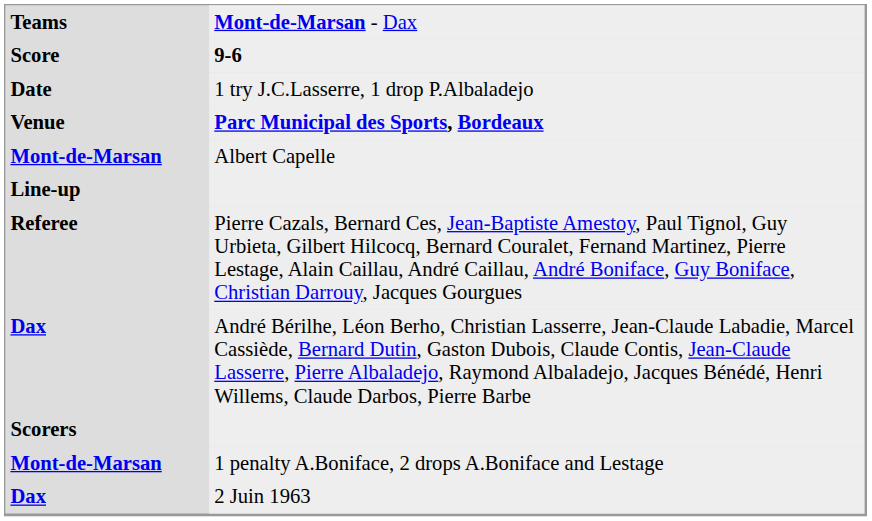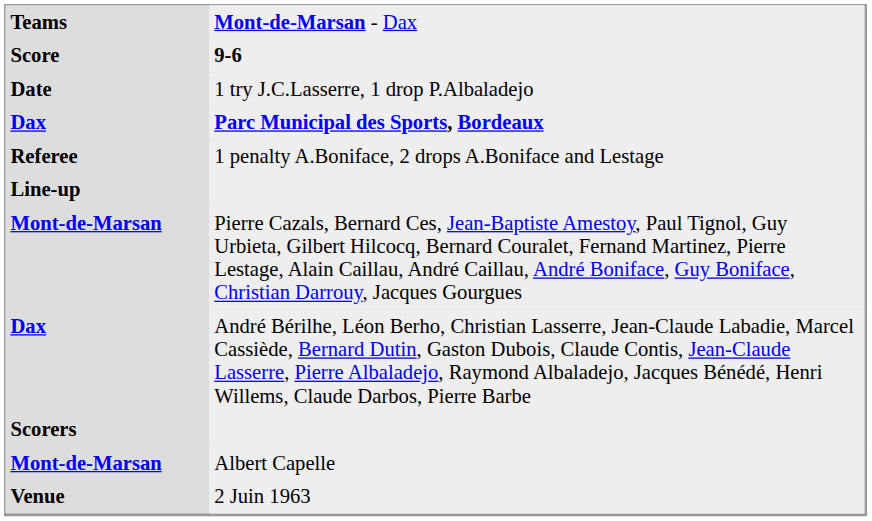 <table align="left" cellpadding="4" cellspacing="0"  style="margin: 0 0 0 0; border: 1px solid #999; border-right-width: 2px; border-bottom-width: 2px; background-color: #DDDDDD">
 <tr>
 <td width="150" valign="top"><strong>Teams</strong></td>
 <td width="500" bgcolor=#EEEEEE><strong><a href='#'>Mont-de-Marsan</a> </strong> - <a href='#'>Dax</a></td>
 </tr>
 <tr>
 <td valign="top"><strong>Score</strong></td>
 <td bgcolor=#EEEEEE><strong>9-6</strong></td>
 </tr>
 <tr>
 <td valign="top"><strong>Date</strong></td>
 <td bgcolor=#EEEEEE>1 try J.C.Lasserre, 1 drop P.Albaladejo</td>
 </tr>
 <tr>
-<td valign="top"><strong>Venue</strong></td>
+<td valign="top"><strong><a href='#'>Dax</a></strong></td>
 <td bgcolor=#EEEEEE><strong><a href='#'>Parc Municipal des Sports</a>, <a href='#'>Bordeaux</a></strong></td>
 </tr>
 <tr>
-<td valign="top"><strong> <a href='#'>Mont-de-Marsan</a> </strong></td>
-<td bgcolor=#EEEEEE>Albert Capelle</td>
+<td valign="top"><strong>Referee</strong></td>
+<td bgcolor=#EEEEEE>1 penalty A.Boniface, 2 drops A.Boniface and Lestage</td>
 </tr>
 <tr>
 <td valign="top"><strong>Line-up</strong></td>
 <td bgcolor=#EEEEEE></td>
 </tr>
 <tr>
-<td valign="top"><strong>Referee</strong></td>
+<td valign="top"><strong> <a href='#'>Mont-de-Marsan</a> </strong></td>
 <td bgcolor=#EEEEEE>Pierre Cazals, Bernard Ces, <a href='#'>Jean-Baptiste Amestoy</a>, Paul Tignol, Guy Urbieta, Gilbert Hilcocq, Bernard Couralet, Fernand Martinez, Pierre Lestage, Alain Caillau, André Caillau, <a href='#'>André Boniface</a>, <a href='#'>Guy Boniface</a>, <a href='#'>Christian Darrouy</a>, Jacques Gourgues</td>
 </tr>
 <tr>
 <td valign="top"><strong><a href='#'>Dax</a></strong></td>
 <td bgcolor=#EEEEEE>André Bérilhe, Léon Berho, Christian Lasserre, Jean-Claude Labadie, Marcel Cassiède, <a href='#'>Bernard Dutin</a>, Gaston Dubois, Claude Contis, <a href='#'>Jean-Claude Lasserre</a>, <a href='#'>Pierre Albaladejo</a>, Raymond Albaladejo, Jacques Bénédé, Henri Willems, Claude Darbos, Pierre Barbe</td>
 </tr>
 <tr>
 <td valign="top"><strong>Scorers</strong></td>
 <td bgcolor=#EEEEEE></td>
 </tr>
 <tr>
 <td valign="top"><strong><a href='#'>Mont-de-Marsan</a>  </strong></td>
-<td bgcolor=#EEEEEE>1 penalty A.Boniface, 2 drops A.Boniface and Lestage</td>
+<td bgcolor=#EEEEEE>Albert Capelle</td>
 </tr>
 <tr>
-<td valign="top"><strong><a href='#'>Dax</a></strong></td>
+<td valign="top"><strong>Venue</strong></td>
 <td bgcolor=#EEEEEE>2 Juin 1963</td>
 </tr>
 </table>
